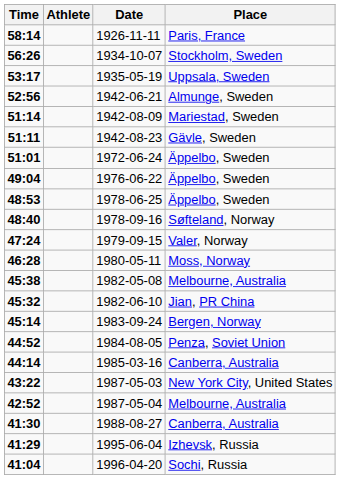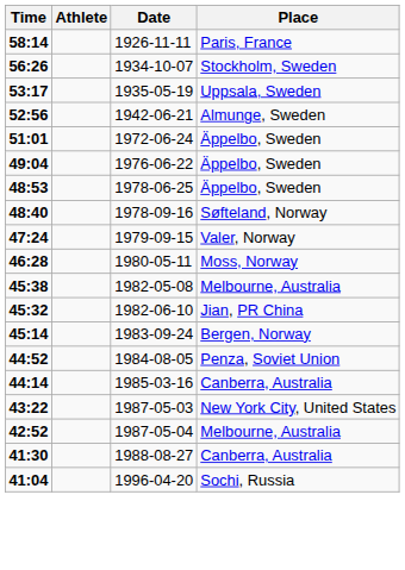 <table class="wikitable sortable" style="font-size:95%">
 <tr>
 <th>Time</th>
 <th>Athlete</th>
 <th>Date</th>
 <th>Place</th>
 </tr>
 <tr>
 <td align=center><strong>58:14</strong></td>
 <td></td>
 <td>1926-11-11</td>
 <td><a href='#'>Paris, France</a></td>
 </tr>
 <tr>
 <td align=center><strong>56:26</strong></td>
 <td></td>
 <td>1934-10-07</td>
 <td><a href='#'>Stockholm, Sweden</a></td>
 </tr>
 <tr>
 <td align=center><strong>53:17</strong></td>
 <td></td>
 <td>1935-05-19</td>
 <td><a href='#'>Uppsala, Sweden</a></td>
 </tr>
 <tr>
 <td align=center><strong>52:56</strong></td>
 <td></td>
 <td>1942-06-21</td>
 <td><a href='#'>Almunge</a>, Sweden</td>
-</tr>
-<tr>
-<td align=center><strong>51:14</strong></td>
-<td></td>
-<td>1942-08-09</td>
-<td><a href='#'>Mariestad</a>, Sweden</td>
-</tr>
-<tr>
-<td align=center><strong>51:11</strong></td>
-<td></td>
-<td>1942-08-23</td>
-<td><a href='#'>Gävle</a>, Sweden</td>
 </tr>
 <tr>
 <td align=center><strong>51:01</strong></td>
 <td></td>
 <td>1972-06-24</td>
 <td><a href='#'>Äppelbo</a>, Sweden</td>
 </tr>
 <tr>
 <td align=center><strong>49:04</strong></td>
 <td></td>
 <td>1976-06-22</td>
 <td><a href='#'>Äppelbo</a>, Sweden</td>
 </tr>
 <tr>
 <td align=center><strong>48:53</strong></td>
 <td></td>
 <td>1978-06-25</td>
 <td><a href='#'>Äppelbo</a>, Sweden</td>
 </tr>
 <tr>
 <td align=center><strong>48:40</strong></td>
 <td></td>
 <td>1978-09-16</td>
 <td><a href='#'>Søfteland</a>, Norway</td>
 </tr>
 <tr>
 <td align=center><strong>47:24</strong></td>
 <td></td>
 <td>1979-09-15</td>
 <td><a href='#'>Valer</a>, Norway</td>
 </tr>
 <tr>
 <td align=center><strong>46:28</strong></td>
 <td></td>
 <td>1980-05-11</td>
 <td><a href='#'>Moss, Norway</a></td>
 </tr>
 <tr>
 <td align=center><strong>45:38</strong></td>
 <td></td>
 <td>1982-05-08</td>
 <td><a href='#'>Melbourne, Australia</a></td>
 </tr>
 <tr>
 <td align=center><strong>45:32</strong></td>
 <td></td>
 <td>1982-06-10</td>
 <td><a href='#'>Jian</a>, <a href='#'>PR China</a></td>
 </tr>
 <tr>
 <td align=center><strong>45:14</strong></td>
 <td></td>
 <td>1983-09-24</td>
 <td><a href='#'>Bergen, Norway</a></td>
 </tr>
 <tr>
 <td align=center><strong>44:52</strong></td>
 <td></td>
 <td>1984-08-05</td>
 <td><a href='#'>Penza</a>, <a href='#'>Soviet Union</a></td>
 </tr>
 <tr>
 <td align=center><strong>44:14</strong></td>
 <td></td>
 <td>1985-03-16</td>
 <td><a href='#'>Canberra, Australia</a></td>
 </tr>
 <tr>
 <td align=center><strong>43:22</strong></td>
 <td></td>
 <td>1987-05-03</td>
 <td><a href='#'>New York City</a>, United States</td>
 </tr>
 <tr>
 <td align=center><strong>42:52</strong></td>
 <td></td>
 <td>1987-05-04</td>
 <td><a href='#'>Melbourne, Australia</a></td>
 </tr>
 <tr>
 <td align=center><strong>41:30</strong></td>
 <td></td>
 <td>1988-08-27</td>
 <td><a href='#'>Canberra, Australia</a></td>
 </tr>
 <tr>
-<td align=center><strong>41:29</strong></td>
-<td></td>
-<td>1995-06-04</td>
-<td><a href='#'>Izhevsk</a>, Russia</td>
-</tr>
-<tr>
 <td align=center><strong>41:04</strong></td>
 <td></td>
 <td>1996-04-20</td>
 <td><a href='#'>Sochi</a>, Russia</td>
 </tr>
 </table>
